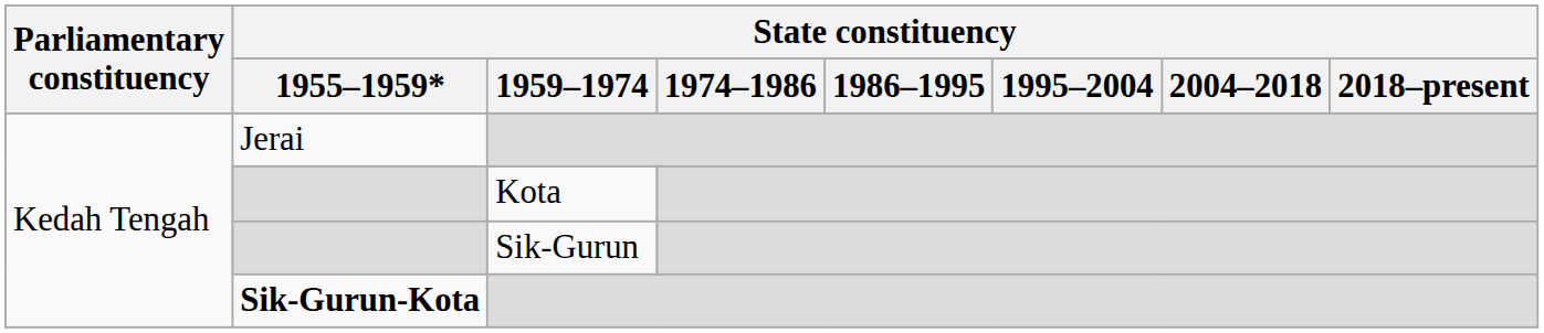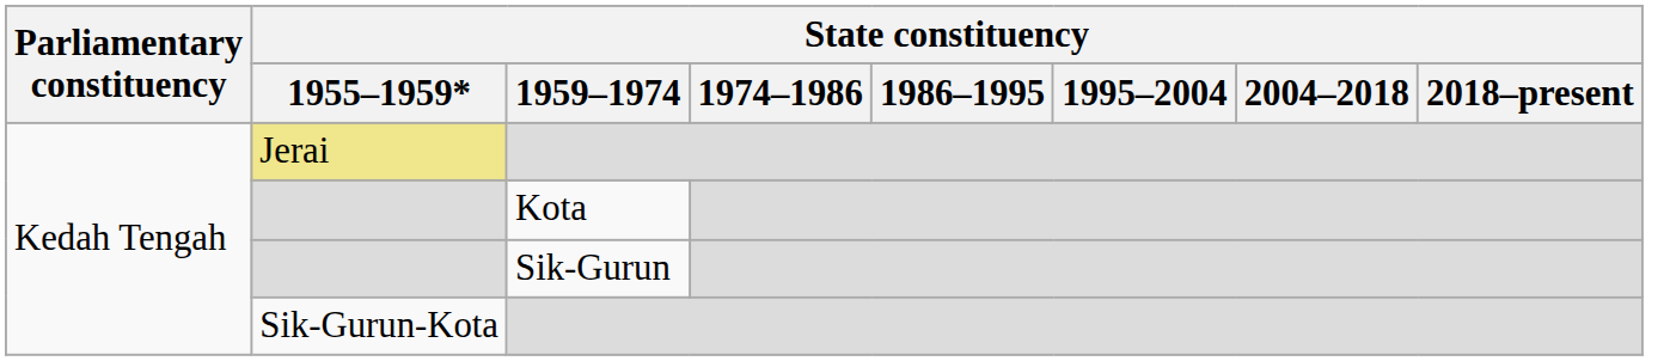 <table class="wikitable">
 <tr>
 <th rowspan="2">Parliamentary<br>constituency</th>
 <th colspan="7">State constituency</th>
 </tr>
 <tr>
 <th>1955–1959*</th>
 <th>1959–1974</th>
 <th>1974–1986</th>
 <th>1986–1995</th>
 <th>1995–2004</th>
 <th>2004–2018</th>
 <th>2018–present</th>
 </tr>
 <tr>
 <td rowspan="4">Kedah Tengah</td>
-<td>Jerai</td>
+<td style="background: khaki;">Jerai</td>
 <td colspan="6" bgcolor="dcdcdc"></td>
 </tr>
 <tr>
 <td bgcolor="dcdcdc"></td>
 <td>Kota</td>
 <td colspan="5" bgcolor="dcdcdc"></td>
 </tr>
 <tr>
 <td bgcolor="dcdcdc"></td>
 <td>Sik-Gurun</td>
 <td colspan="5" bgcolor="dcdcdc"></td>
 </tr>
 <tr>
-<td><strong>Sik-Gurun-Kota</strong></td>
+<td>Sik-Gurun-Kota</td>
 <td colspan="6" bgcolor="dcdcdc"></td>
 </tr>
 </table>
